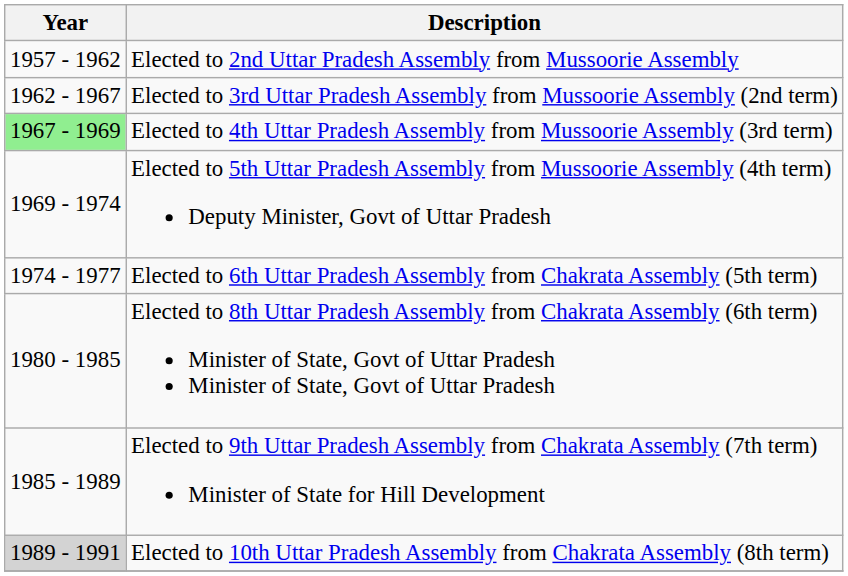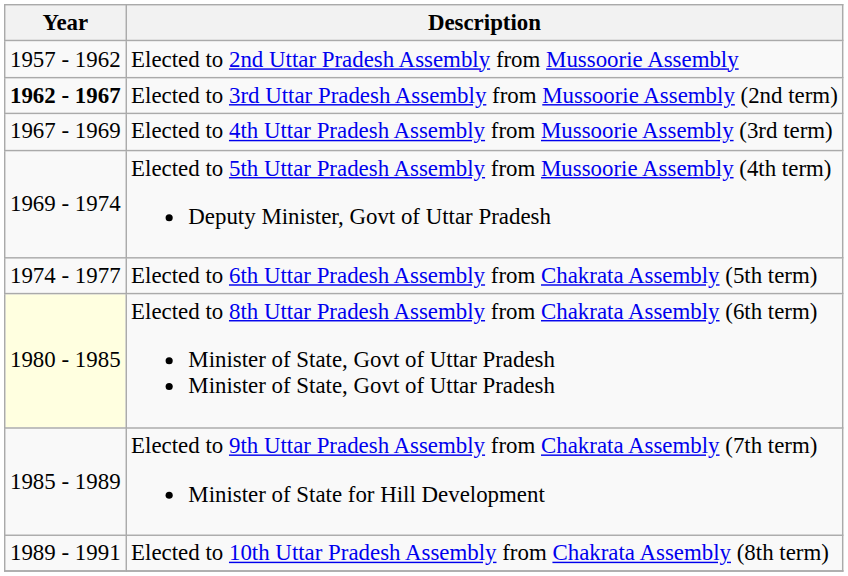 <table class="wikitable">
 <tr>
 <th>Year</th>
 <th>Description</th>
 </tr>
 <tr>
 <td>1957 - 1962</td>
 <td>Elected to <a href='#'>2nd Uttar Pradesh Assembly</a> from <a href='#'>Mussoorie Assembly</a></td>
 </tr>
 <tr>
-<td>1962 - 1967</td>
+<td><strong>1962 - 1967</strong></td>
 <td>Elected to <a href='#'>3rd Uttar Pradesh Assembly</a> from <a href='#'>Mussoorie Assembly</a> (2nd term)</td>
 </tr>
 <tr>
-<td style="background: lightgreen;">1967 - 1969</td>
+<td>1967 - 1969</td>
 <td>Elected to <a href='#'>4th Uttar Pradesh Assembly</a> from <a href='#'>Mussoorie Assembly</a> (3rd term)</td>
 </tr>
 <tr>
 <td>1969 - 1974</td>
 <td>Elected to <a href='#'>5th Uttar Pradesh Assembly</a> from <a href='#'>Mussoorie Assembly</a> (4th term)<br><ul><li>Deputy Minister, Govt of Uttar Pradesh </li></ul></td>
 </tr>
 <tr>
 <td>1974 - 1977</td>
 <td>Elected to <a href='#'>6th Uttar Pradesh Assembly</a> from <a href='#'>Chakrata Assembly</a> (5th term)</td>
 </tr>
 <tr>
-<td>1980 - 1985</td>
+<td style="background: lightyellow;">1980 - 1985</td>
 <td>Elected to <a href='#'>8th Uttar Pradesh Assembly</a> from <a href='#'>Chakrata Assembly</a> (6th term)<br><ul><li>Minister of State, Govt of Uttar Pradesh </li><li>Minister of State, Govt of Uttar Pradesh </li></ul></td>
 </tr>
 <tr>
 <td>1985 - 1989</td>
 <td>Elected to <a href='#'>9th Uttar Pradesh Assembly</a> from <a href='#'>Chakrata Assembly</a> (7th term)<br><ul><li>Minister of State for Hill Development  </li></ul></td>
 </tr>
 <tr>
-<td style="background: lightgrey;">1989 - 1991</td>
+<td>1989 - 1991</td>
 <td>Elected to <a href='#'>10th Uttar Pradesh Assembly</a> from <a href='#'>Chakrata Assembly</a> (8th term)</td>
 </tr>
 <tr>
 </tr>
 </table>
